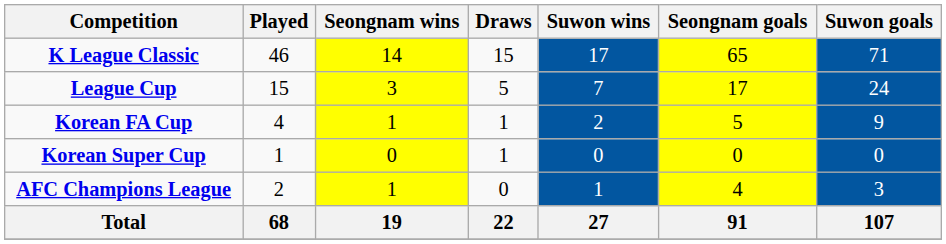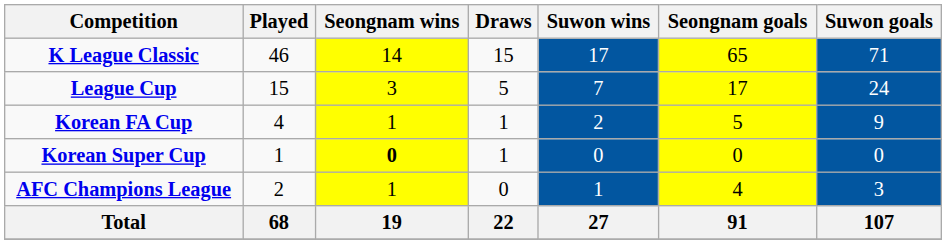 <table class="wikitable" width=700px style="font-size: 95%; text-align: center;">
 <tr>
 <th>Competition</th>
 <th>Played</th>
 <th>Seongnam wins</th>
 <th>Draws</th>
 <th>Suwon wins</th>
 <th>Seongnam goals</th>
 <th>Suwon goals</th>
 </tr>
 <tr>
 <td><strong><a href='#'>K League Classic</a></strong></td>
 <td>46</td>
 <td style="background:yellow; color:black">14</td>
 <td>15</td>
 <td style="background:#0256A0; color:white">17</td>
 <td style="background:yellow; color:black">65</td>
 <td style="background:#0256A0; color:white">71</td>
 </tr>
 <tr>
 <td><strong><a href='#'>League Cup</a></strong></td>
 <td>15</td>
 <td style="background:yellow; color:black">3</td>
 <td>5</td>
 <td style="background:#0256A0; color:white">7</td>
 <td style="background:yellow; color:black">17</td>
 <td style="background:#0256A0; color:white">24</td>
 </tr>
 <tr>
 <td><strong><a href='#'>Korean FA Cup</a></strong></td>
 <td>4</td>
 <td style="background:yellow; color:black">1</td>
 <td>1</td>
 <td style="background:#0256A0; color:white">2</td>
 <td style="background:yellow; color:black">5</td>
 <td style="background:#0256A0; color:white">9</td>
 </tr>
 <tr>
 <td><strong><a href='#'>Korean Super Cup</a></strong></td>
 <td>1</td>
-<td style="background:yellow; color:black">0</td>
+<td style="background:yellow; color:black"><strong>0</strong></td>
 <td>1</td>
 <td style="background:#0256A0; color:white">0</td>
 <td style="background:yellow; color:black">0</td>
 <td style="background:#0256A0; color:white">0</td>
 </tr>
 <tr>
 <td><strong><a href='#'>AFC Champions League</a></strong></td>
 <td>2</td>
 <td style="background:yellow; color:black">1</td>
 <td>0</td>
 <td style="background:#0256A0; color:white">1</td>
 <td style="background:yellow; color:black">4</td>
 <td style="background:#0256A0; color:white">3</td>
 </tr>
 <tr>
 <th>Total</th>
 <th>68</th>
 <th>19</th>
 <th>22</th>
 <th>27</th>
 <th>91</th>
 <th>107</th>
 </tr>
 <tr>
 </tr>
 </table>
